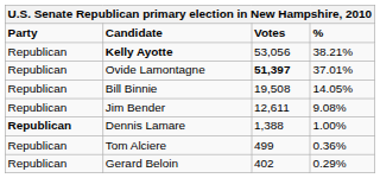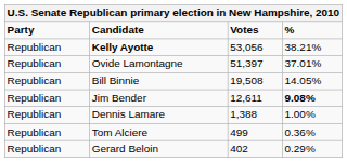 <table class="wikitable">
 <tr>
 <th colspan="4">U.S. Senate Republican primary election in New Hampshire, 2010</th>
 </tr>
 <tr>
 <td><strong>Party</strong></td>
 <td><strong>Candidate</strong></td>
 <td><strong>Votes</strong></td>
 <td><strong>%</strong></td>
 </tr>
 <tr>
 <td>Republican</td>
 <td><strong>Kelly Ayotte</strong></td>
 <td>53,056</td>
 <td>38.21%</td>
 </tr>
 <tr>
 <td>Republican</td>
 <td>Ovide Lamontagne</td>
-<td><strong>51,397</strong></td>
+<td>51,397</td>
 <td>37.01%</td>
 </tr>
 <tr>
 <td>Republican</td>
 <td>Bill Binnie</td>
 <td>19,508</td>
 <td>14.05%</td>
 </tr>
 <tr>
 <td>Republican</td>
 <td>Jim Bender</td>
 <td>12,611</td>
-<td>9.08%</td>
+<td><strong>9.08%</strong></td>
 </tr>
 <tr>
-<td><strong>Republican</strong></td>
+<td>Republican</td>
 <td>Dennis Lamare</td>
 <td>1,388</td>
 <td>1.00%</td>
 </tr>
 <tr>
 <td>Republican</td>
 <td>Tom Alciere</td>
 <td>499</td>
 <td>0.36%</td>
 </tr>
 <tr>
 <td>Republican</td>
 <td>Gerard Beloin</td>
 <td>402</td>
 <td>0.29%</td>
 </tr>
 </table>
